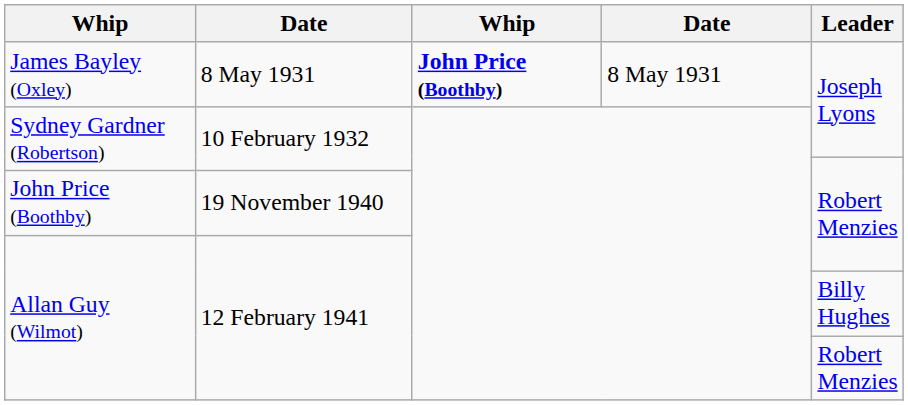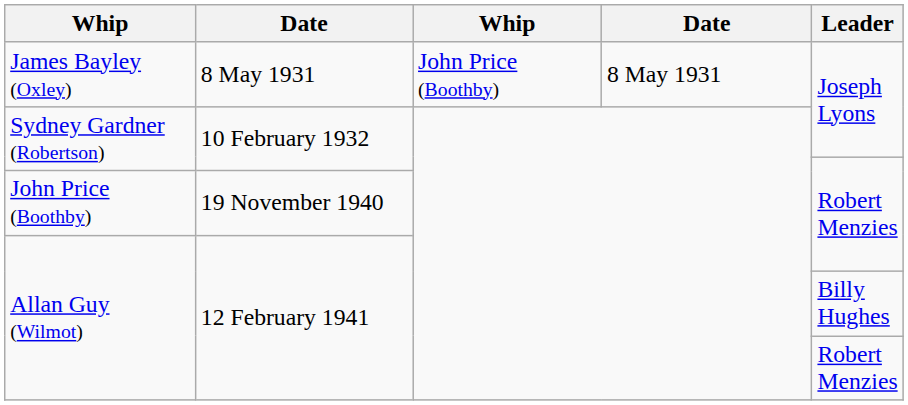 <table class=wikitable>
 <tr>
 <th width=130px>Whip</th>
 <th width=150px>Date</th>
 <th width=130px>Whip</th>
 <th width=150px>Date</th>
 <th>Leader</th>
 </tr>
 <tr>
 <td><a href='#'>James Bayley</a><br><small>(<a href='#'>Oxley</a>)</small></td>
 <td>8 May 1931</td>
-<td><strong><a href='#'>John Price</a><br><small>(<a href='#'>Boothby</a>)</small></strong></td>
+<td><a href='#'>John Price</a><br><small>(<a href='#'>Boothby</a>)</small></td>
 <td>8 May 1931</td>
 <td rowspan=2 height=70px><a href='#'>Joseph Lyons</a></td>
 </tr>
 <tr>
 <td rowspan=2><a href='#'>Sydney Gardner</a><br><small>(<a href='#'>Robertson</a>)</small></td>
 <td rowspan=2>10 February 1932</td>
 <td rowspan=6 colspan=2></td>
 </tr>
 <tr>
 <td rowspan=3 height=70px><a href='#'>Robert Menzies</a></td>
 </tr>
 <tr>
 <td><a href='#'>John Price</a><br><small>(<a href='#'>Boothby</a>)</small></td>
 <td>19 November 1940</td>
 </tr>
 <tr>
 <td rowspan=3><a href='#'>Allan Guy</a><br><small>(<a href='#'>Wilmot</a>)</small></td>
 <td rowspan=3>12 February 1941</td>
 </tr>
 <tr>
 <td><a href='#'>Billy Hughes</a></td>
 </tr>
 <tr>
 <td><a href='#'>Robert Menzies</a></td>
 </tr>
 </table>
